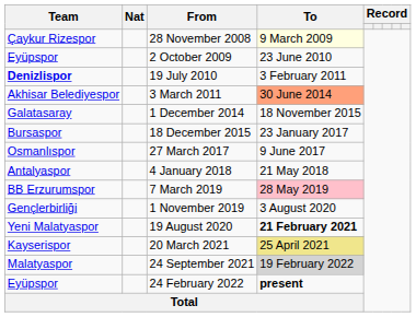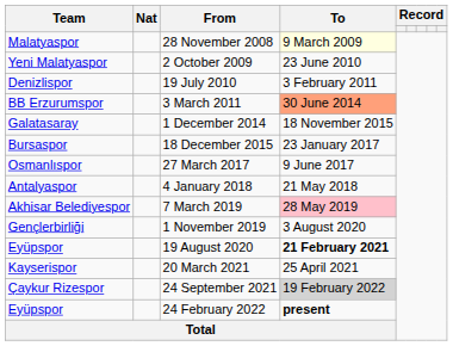 <table class="wikitable" style="text-align: center">
 <tr>
 <th rowspan="2">Team</th>
 <th rowspan="2">Nat</th>
 <th rowspan="2">From</th>
 <th rowspan="2">To</th>
 <th colspan="8">Record</th>
 </tr>
 <tr>
 <th></th>
 <th></th>
 <th></th>
 <th></th>
 <th></th>
 </tr>
 <tr>
-<td align="left"><a href='#'>Çaykur Rizespor</a></td>
+<td align="left"><a href='#'>Malatyaspor</a></td>
 <td></td>
 <td align="left">28 November 2008</td>
 <td align="left" style="background: lightyellow;">9 March 2009<br></td>
 </tr>
 <tr>
-<td align="left"><a href='#'>Eyüpspor</a></td>
+<td align="left"><a href='#'>Yeni Malatyaspor</a></td>
 <td></td>
 <td align="left">2 October 2009</td>
 <td align="left">23 June 2010<br></td>
 </tr>
 <tr>
-<td align="left"><strong><a href='#'>Denizlispor</a></strong></td>
+<td align="left"><a href='#'>Denizlispor</a></td>
 <td></td>
 <td align="left">19 July 2010</td>
 <td align="left">3 February 2011<br></td>
 </tr>
 <tr>
-<td align="left"><a href='#'>Akhisar Belediyespor</a></td>
+<td align="left"><a href='#'>BB Erzurumspor</a></td>
 <td></td>
 <td align="left">3 March 2011</td>
 <td align="left" style="background: lightsalmon;">30 June 2014<br></td>
 </tr>
 <tr>
 <td align="left"><a href='#'>Galatasaray</a></td>
 <td></td>
 <td align="left">1 December 2014</td>
 <td align="left">18 November 2015<br></td>
 </tr>
 <tr>
 <td align="left"><a href='#'>Bursaspor</a></td>
 <td></td>
 <td align="left">18 December 2015</td>
 <td align="left">23 January 2017<br></td>
 </tr>
 <tr>
 <td align="left"><a href='#'>Osmanlıspor</a></td>
 <td></td>
 <td align="left">27 March 2017</td>
 <td align="left">9 June 2017<br></td>
 </tr>
 <tr>
 <td align="left"><a href='#'>Antalyaspor</a></td>
 <td></td>
 <td align="left">4 January 2018</td>
 <td align="left">21 May 2018<br></td>
 </tr>
 <tr>
-<td align="left"><a href='#'>BB Erzurumspor</a></td>
+<td align="left"><a href='#'>Akhisar Belediyespor</a></td>
 <td></td>
 <td align="left">7 March 2019</td>
 <td align="left" style="background: pink;">28 May 2019<br></td>
 </tr>
 <tr>
 <td align="left"><a href='#'>Gençlerbirliği</a></td>
 <td></td>
 <td align="left">1 November 2019</td>
 <td align="left">3 August 2020<br></td>
 </tr>
 <tr>
-<td align="left"><a href='#'>Yeni Malatyaspor</a></td>
+<td align="left"><a href='#'>Eyüpspor</a></td>
 <td></td>
 <td align=left>19 August 2020</td>
 <td align=left><strong>21 February 2021<br></strong></td>
 </tr>
 <tr>
 <td align="left"><a href='#'>Kayserispor</a></td>
 <td></td>
 <td align=left>20 March 2021</td>
-<td align=left style="background: khaki;">25 April 2021<br></td>
+<td align=left>25 April 2021<br></td>
 </tr>
 <tr>
-<td align="left"><a href='#'>Malatyaspor</a></td>
+<td align="left"><a href='#'>Çaykur Rizespor</a></td>
 <td></td>
 <td align=left>24 September 2021</td>
 <td align=left style="background: lightgrey;">19 February 2022<br></td>
 </tr>
 <tr>
 <td align="left"><a href='#'>Eyüpspor</a></td>
 <td></td>
 <td align="left">24 February 2022</td>
 <td align="left"><strong>present<br></strong></td>
 </tr>
 <tr>
 <th colspan="4">Total<br></th>
 </tr>
 </table>
